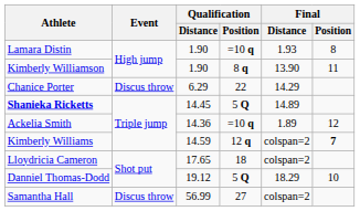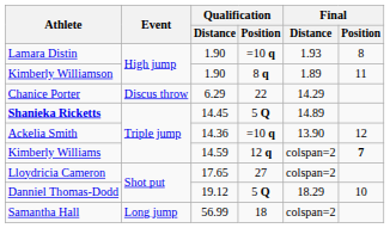 <table class=wikitable style=font-size:90%>
 <tr>
 <th rowspan=2>Athlete</th>
 <th rowspan=2>Event</th>
 <th colspan=2>Qualification</th>
 <th colspan=2>Final</th>
 </tr>
 <tr style=font-size:95%>
 <th>Distance</th>
 <th>Position</th>
 <th>Distance</th>
 <th>Position</th>
 </tr>
 <tr align=center>
 <td align=left><a href='#'>Lamara Distin</a></td>
 <td align=left rowspan=2><a href='#'>High jump</a></td>
 <td>1.90</td>
 <td>=10 <strong>q</strong></td>
 <td>1.93</td>
 <td>8</td>
 </tr>
 <tr align=center>
 <td align=left><a href='#'>Kimberly Williamson</a></td>
 <td>1.90</td>
 <td>8 <strong>q</strong></td>
-<td>13.90</td>
+<td>1.89</td>
 <td>11</td>
 </tr>
 <tr align=center>
 <td align=left><a href='#'>Chanice Porter</a></td>
 <td align=left><a href='#'>Discus throw</a></td>
 <td>6.29</td>
 <td>22</td>
 <td>14.29</td>
 </tr>
 <tr align=center>
 <td align=left><strong><a href='#'>Shanieka Ricketts</a></strong></td>
 <td align=left rowspan=3><a href='#'>Triple jump</a></td>
 <td>14.45</td>
 <td>5 <strong>Q</strong></td>
 <td>14.89 </td>
 <td></td>
 </tr>
 <tr align=center>
 <td align=left><a href='#'>Ackelia Smith</a></td>
 <td>14.36 </td>
 <td>=10 <strong>q</strong></td>
-<td>1.89</td>
+<td>13.90</td>
 <td>12</td>
 </tr>
 <tr align=center>
 <td align=left><a href='#'>Kimberly Williams</a></td>
 <td>14.59</td>
 <td>12 <strong>q</strong></td>
 <td>colspan=2 </td>
 <td><strong>7</strong></td>
 </tr>
 <tr align=center>
 <td align=left><a href='#'>Lloydricia Cameron</a></td>
 <td align=left rowspan=2><a href='#'>Shot put</a></td>
 <td>17.65</td>
-<td>18</td>
+<td>27</td>
 <td>colspan=2 </td>
 </tr>
 <tr align=center>
 <td align=left><a href='#'>Danniel Thomas-Dodd</a></td>
 <td>19.12</td>
 <td>5 <strong>Q</strong></td>
 <td>18.29</td>
 <td>10</td>
 </tr>
 <tr align=center>
 <td align=left><a href='#'>Samantha Hall</a></td>
-<td align=left><a href='#'>Discus throw</a></td>
+<td align=left><a href='#'>Long jump</a></td>
 <td>56.99</td>
-<td>27</td>
+<td>18</td>
 <td>colspan=2 </td>
 </tr>
 </table>
